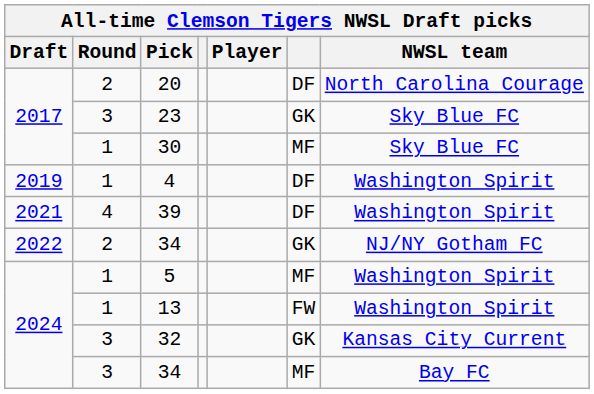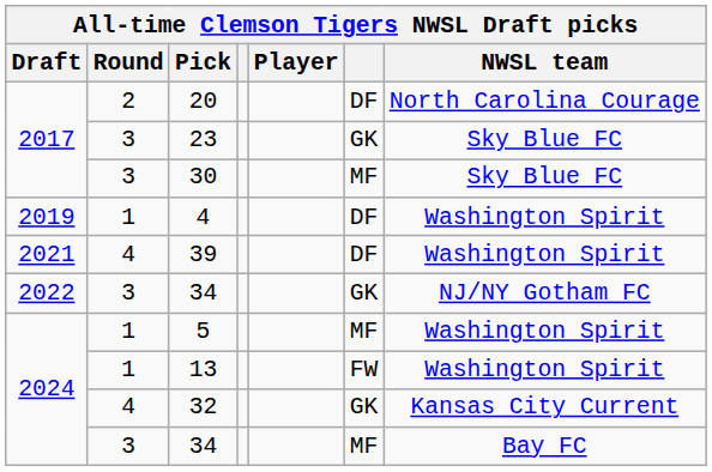 <table class="wikitable sortable" style="text-align: center;">
 <tr>
 <th colspan="7" style="background:#">All-time <a href='#'><span>Clemson Tigers</span></a> NWSL Draft picks</th>
 </tr>
 <tr>
 <th scope="col">Draft</th>
 <th scope="col">Round</th>
 <th scope="col">Pick</th>
 <th scope="col"></th>
 <th scope="col">Player</th>
 <th scope="col"></th>
 <th scope="col">NWSL team</th>
 </tr>
 <tr>
 <td rowspan="3"><a href='#'>2017</a></td>
 <td>2</td>
 <td>20</td>
 <td></td>
 <td></td>
 <td>DF</td>
 <td><a href='#'>North Carolina Courage</a></td>
 </tr>
 <tr>
 <td>3</td>
 <td>23</td>
 <td></td>
 <td></td>
 <td>GK</td>
 <td><a href='#'>Sky Blue FC</a></td>
 </tr>
 <tr>
-<td>1</td>
+<td>3</td>
 <td>30</td>
 <td></td>
 <td></td>
 <td>MF</td>
 <td><a href='#'>Sky Blue FC</a></td>
 </tr>
 <tr>
 <td><a href='#'>2019</a></td>
 <td>1</td>
 <td>4</td>
 <td></td>
 <td></td>
 <td>DF</td>
 <td><a href='#'>Washington Spirit</a></td>
 </tr>
 <tr>
 <td><a href='#'>2021</a></td>
 <td>4</td>
 <td>39</td>
 <td></td>
 <td></td>
 <td>DF</td>
 <td><a href='#'>Washington Spirit</a></td>
 </tr>
 <tr>
 <td><a href='#'>2022</a></td>
-<td>2</td>
+<td>3</td>
 <td>34</td>
 <td></td>
 <td></td>
 <td>GK</td>
 <td><a href='#'>NJ/NY Gotham FC</a></td>
 </tr>
 <tr>
 <td rowspan="4"><a href='#'>2024</a></td>
 <td>1</td>
 <td>5</td>
 <td></td>
 <td></td>
 <td>MF</td>
 <td><a href='#'>Washington Spirit</a></td>
 </tr>
 <tr>
 <td>1</td>
 <td>13</td>
 <td></td>
 <td></td>
 <td>FW</td>
 <td><a href='#'>Washington Spirit</a></td>
 </tr>
 <tr>
-<td>3</td>
+<td>4</td>
 <td>32</td>
 <td></td>
 <td></td>
 <td>GK</td>
 <td><a href='#'>Kansas City Current</a></td>
 </tr>
 <tr>
 <td>3</td>
 <td>34</td>
 <td></td>
 <td></td>
 <td>MF</td>
 <td><a href='#'>Bay FC</a></td>
 </tr>
 </table>
